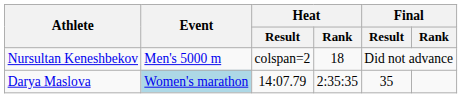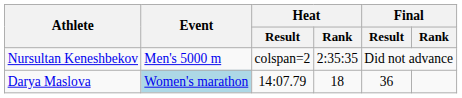 <table class="wikitable" style="font-size:90%">
 <tr>
 <th rowspan="2">Athlete</th>
 <th rowspan="2">Event</th>
 <th colspan="2">Heat</th>
 <th colspan="2">Final</th>
 </tr>
 <tr style="font-size:95%">
 <th>Result</th>
 <th>Rank</th>
 <th>Result</th>
 <th>Rank</th>
 </tr>
 <tr align=center>
 <td align=left><a href='#'>Nursultan Keneshbekov</a></td>
 <td align=left><a href='#'>Men's 5000 m</a></td>
 <td>colspan=2 </td>
-<td>18</td>
+<td>2:35:35</td>
 <td colspan=2>Did not advance</td>
 </tr>
 <tr align="center">
 <td align=left><a href='#'>Darya Maslova</a></td>
 <td align=left style="background: lightblue;"><a href='#'>Women's marathon</a></td>
 <td>14:07.79</td>
-<td>2:35:35</td>
-<td>35</td>
+<td>18</td>
+<td>36</td>
 </tr>
 </table>
